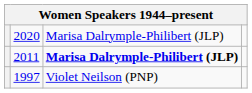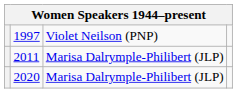 <table class="wikitable">
 <tr>
 <th colspan="4"><strong>Women Speakers 1944–present</strong></th>
+</tr>
+<tr>
+<th style="background-color: "></th>
+<td><a href='#'>1997</a></td>
+<td><a href='#'>Violet Neilson</a> (PNP)</td>
+<td></td>
+</tr>
+<tr>
+<th style="background-color: "></th>
+<td><a href='#'>2011</a></td>
+<td><a href='#'>Marisa Dalrymple-Philibert</a> (JLP)</td>
+<td></td>
 </tr>
 <tr>
 <th style="background-color: "></th>
 <td><a href='#'>2020</a></td>
 <td><a href='#'>Marisa Dalrymple-Philibert</a> (JLP)</td>
 <td></td>
 </tr>
-<tr>
-<th style="background-color: "></th>
-<td><a href='#'>2011</a></td>
-<td><strong><a href='#'>Marisa Dalrymple-Philibert</a> (JLP)</strong></td>
-<td></td>
-</tr>
-<tr>
-<th style="background-color: "></th>
-<td><a href='#'>1997</a></td>
-<td><a href='#'>Violet Neilson</a> (PNP)</td>
-<td></td>
-</tr>
 </table>
